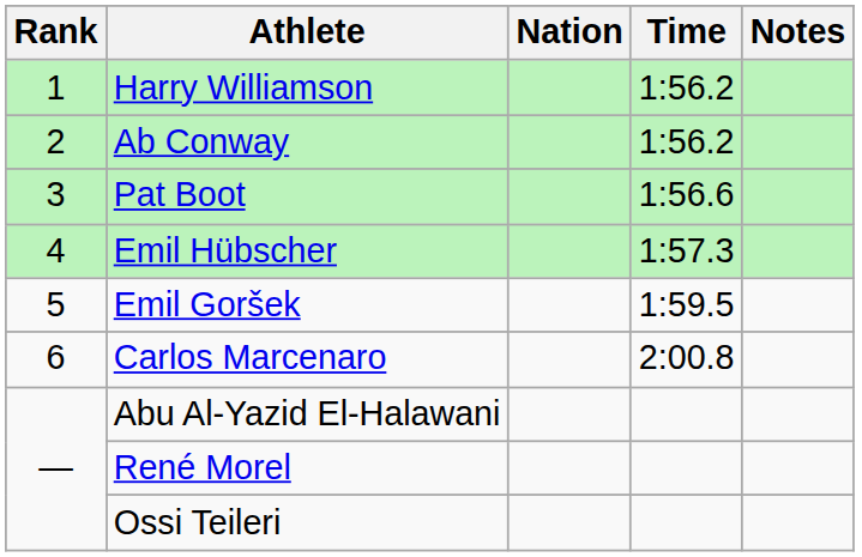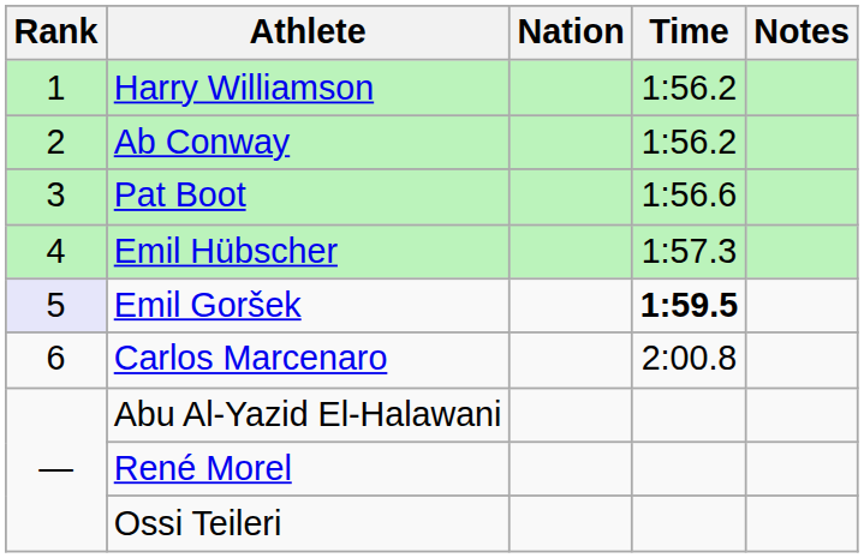 <table class="wikitable sortable" style="text-align:center">
 <tr>
 <th>Rank</th>
 <th>Athlete</th>
 <th>Nation</th>
 <th>Time</th>
 <th>Notes</th>
 </tr>
 <tr bgcolor=bbf3bb>
 <td>1</td>
 <td align=left><a href='#'>Harry Williamson</a></td>
 <td align=left></td>
 <td>1:56.2</td>
 <td></td>
 </tr>
 <tr bgcolor=bbf3bb>
 <td>2</td>
 <td align=left><a href='#'>Ab Conway</a></td>
 <td align=left></td>
 <td>1:56.2</td>
 <td></td>
 </tr>
 <tr bgcolor=bbf3bb>
 <td>3</td>
 <td align=left><a href='#'>Pat Boot</a></td>
 <td align=left></td>
 <td>1:56.6</td>
 <td></td>
 </tr>
 <tr bgcolor=bbf3bb>
 <td>4</td>
 <td align=left><a href='#'>Emil Hübscher</a></td>
 <td align=left></td>
 <td>1:57.3</td>
 <td></td>
 </tr>
 <tr>
-<td>5</td>
+<td style="background: lavender;">5</td>
 <td align=left><a href='#'>Emil Goršek</a></td>
 <td align=left></td>
-<td>1:59.5</td>
+<td><strong>1:59.5</strong></td>
 <td></td>
 </tr>
 <tr>
 <td>6</td>
 <td align=left><a href='#'>Carlos Marcenaro</a></td>
 <td align=left></td>
 <td>2:00.8</td>
 <td></td>
 </tr>
 <tr>
 <td data-sort-value=7 rowspan=3>—</td>
 <td align=left>Abu Al-Yazid El-Halawani</td>
 <td align=left></td>
 <td></td>
 <td></td>
 </tr>
 <tr>
 <td align=left><a href='#'>René Morel</a></td>
 <td align=left></td>
 <td></td>
 <td></td>
 </tr>
 <tr>
 <td align=left>Ossi Teileri</td>
 <td align=left></td>
 <td></td>
 <td></td>
 </tr>
 </table>
